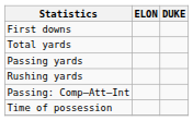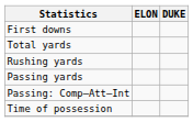 <table class="wikitable" style="float: left;">
 <tr>
 <th>Statistics</th>
 <th>ELON</th>
 <th>DUKE</th>
 </tr>
 <tr>
 <td>First downs</td>
 <td></td>
 <td></td>
 </tr>
 <tr>
 <td>Total yards</td>
 <td></td>
 <td></td>
 </tr>
 <tr>
-<td>Passing yards</td>
+<td>Rushing yards</td>
 <td></td>
 <td></td>
 </tr>
 <tr>
-<td>Rushing yards</td>
+<td>Passing yards</td>
 <td></td>
 <td></td>
 </tr>
 <tr>
 <td>Passing: Comp–Att–Int</td>
 <td></td>
 <td></td>
 </tr>
 <tr>
 <td>Time of possession</td>
 <td></td>
 <td></td>
 </tr>
 <tr>
 </tr>
 </table>
